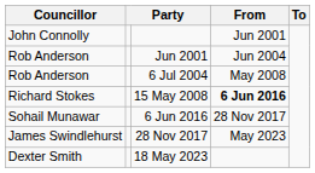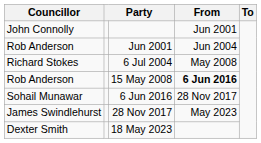 <table class=wikitable>
 <tr>
 <th>Councillor</th>
 <th colspan=2>Party</th>
 <th>From</th>
 <th>To</th>
 </tr>
 <tr>
 <td>John Connolly</td>
 <td></td>
 <td align=right></td>
 <td align=right>Jun 2001</td>
 </tr>
 <tr>
 <td>Rob Anderson</td>
 <td></td>
 <td align=right>Jun 2001</td>
 <td align=right>Jun 2004</td>
 </tr>
 <tr>
-<td>Rob Anderson</td>
+<td>Richard Stokes</td>
 <td></td>
 <td align=right>6 Jul 2004</td>
 <td align=right>May 2008</td>
 </tr>
 <tr>
-<td>Richard Stokes</td>
+<td>Rob Anderson</td>
 <td></td>
 <td align=right>15 May 2008</td>
 <td align=right><strong>6 Jun 2016</strong></td>
 </tr>
 <tr>
 <td>Sohail Munawar</td>
 <td></td>
 <td align=right>6 Jun 2016</td>
 <td align=right>28 Nov 2017</td>
 </tr>
 <tr>
 <td>James Swindlehurst</td>
 <td></td>
 <td align=right>28 Nov 2017</td>
 <td align=right>May 2023</td>
 </tr>
 <tr>
 <td>Dexter Smith</td>
 <td></td>
 <td align=right>18 May 2023</td>
 <td align=right></td>
 </tr>
 </table>
